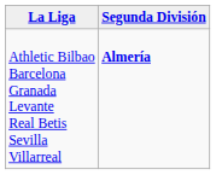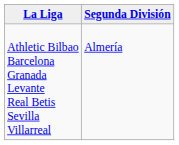 <table class="wikitable" style="font-size:90%">
 <tr bgcolor=#efefef align=center>
 <td><strong><a href='#'>La Liga</a></strong><br></td>
 <td><strong><a href='#'>Segunda División</a></strong><br></td>
 </tr>
 <tr valign=top>
 <td><br><a href='#'>Athletic Bilbao</a><br> <a href='#'>Barcelona</a><br> <a href='#'>Granada</a><br> <a href='#'>Levante</a><br> <a href='#'>Real Betis</a><br> <a href='#'>Sevilla</a><br> <a href='#'>Villarreal</a></td>
-<td><strong><br><a href='#'>Almería</a></strong></td>
+<td><br><a href='#'>Almería</a></td>
 </tr>
 </table>
